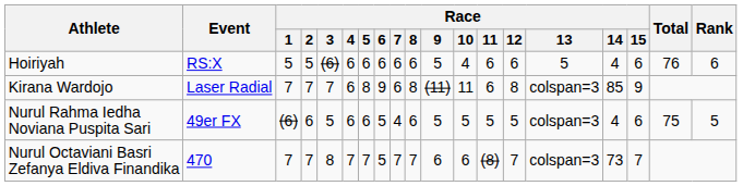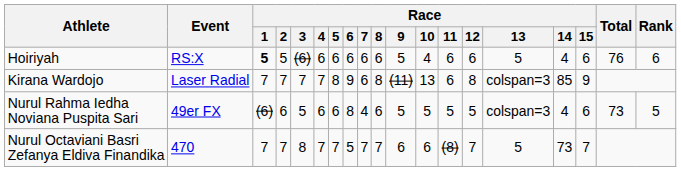 <table class=wikitable style=font-size:90%;text-align:center>
 <tr>
 <th rowspan="2">Athlete</th>
 <th rowspan="2">Event</th>
 <th colspan=15>Race</th>
 <th rowspan=2>Total</th>
 <th rowspan=2>Rank</th>
 </tr>
 <tr style="font-size:95%">
 <th>1</th>
 <th>2</th>
 <th>3</th>
 <th>4</th>
 <th>5</th>
 <th>6</th>
 <th>7</th>
 <th>8</th>
 <th>9</th>
 <th>10</th>
 <th>11</th>
 <th>12</th>
 <th>13</th>
 <th>14</th>
 <th>15</th>
 </tr>
 <tr>
 <td align=left>Hoiriyah</td>
 <td align=left><a href='#'>RS:X</a></td>
-<td>5</td>
+<td><strong>5</strong></td>
 <td>5</td>
 <td><s>(6)</s></td>
 <td>6</td>
 <td>6</td>
 <td>6</td>
 <td>6</td>
 <td>6</td>
 <td>5</td>
 <td>4</td>
 <td>6</td>
 <td>6</td>
 <td>5</td>
 <td>4</td>
 <td>6</td>
 <td>76</td>
 <td>6</td>
 </tr>
 <tr>
 <td align=left>Kirana Wardojo</td>
 <td align=left><a href='#'>Laser Radial</a></td>
 <td>7</td>
 <td>7</td>
 <td>7</td>
-<td>6</td>
+<td>7</td>
 <td>8</td>
 <td>9</td>
 <td>6</td>
 <td>8</td>
 <td><s>(11)</s><br></td>
-<td>11<br></td>
+<td>13<br></td>
 <td>6</td>
 <td>8</td>
 <td>colspan=3 </td>
 <td>85</td>
 <td>9</td>
 </tr>
 <tr>
 <td align=left>Nurul Rahma Iedha<br>Noviana Puspita Sari</td>
 <td align=left><a href='#'>49er FX</a></td>
 <td><s>(6)</s><br></td>
 <td>6<br></td>
 <td>5</td>
 <td>6<br></td>
 <td>6<br></td>
-<td>5</td>
+<td>8</td>
 <td>4</td>
 <td>6<br></td>
 <td>5</td>
 <td>5</td>
 <td>5</td>
 <td>5</td>
 <td>colspan=3 </td>
 <td>4</td>
 <td>6<br></td>
-<td>75</td>
+<td>73</td>
 <td>5</td>
 </tr>
 <tr>
 <td align=left>Nurul Octaviani Basri<br>Zefanya Eldiva Finandika</td>
 <td align=left><a href='#'>470</a></td>
 <td>7</td>
 <td>7</td>
 <td>8</td>
 <td>7</td>
 <td>7</td>
 <td>5</td>
 <td>7</td>
 <td>7</td>
 <td>6</td>
 <td>6</td>
 <td><s>(8)</s><br></td>
 <td>7</td>
-<td>colspan=3 </td>
+<td>5</td>
 <td>73</td>
 <td>7</td>
 </tr>
 </table>
